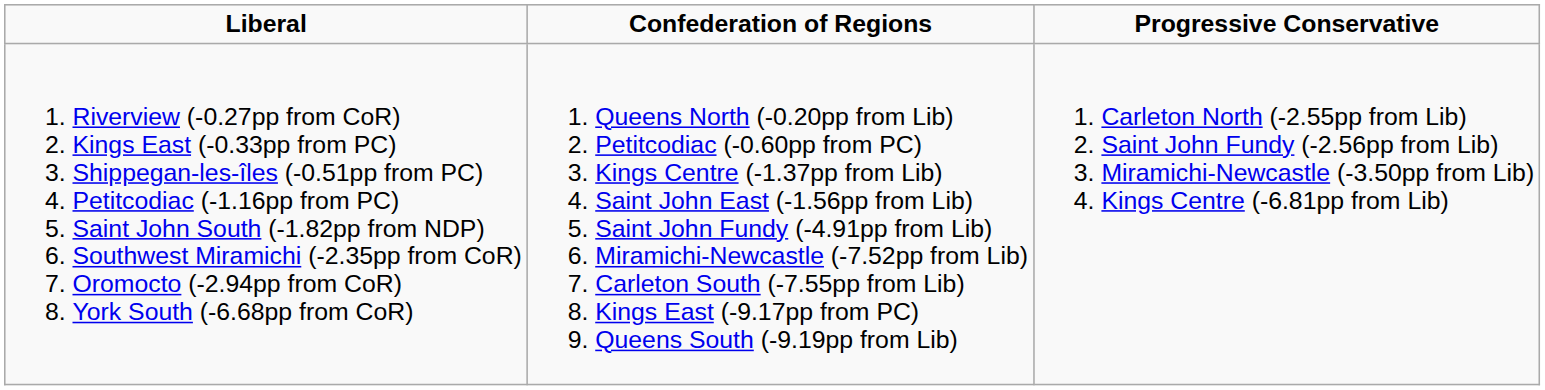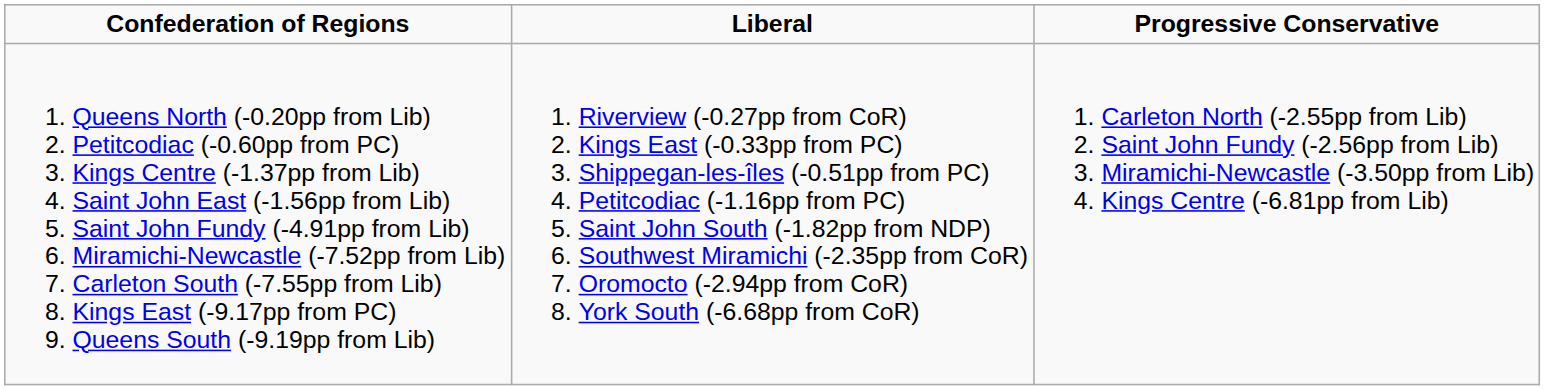 <table class="wikitable">
 <tr>
+<td align=center ><strong>Confederation of Regions</strong></td>
 <td align=center ><strong>Liberal</strong></td>
-<td align=center ><strong>Confederation of Regions</strong></td>
 <td align=center ><strong>Progressive Conservative</strong></td>
 </tr>
 <tr valign="top">
+<td><br><ol><li><a href='#'>Queens North</a> (-0.20pp from Lib)</li><li><a href='#'>Petitcodiac</a> (-0.60pp from PC)</li><li><a href='#'>Kings Centre</a> (-1.37pp from Lib)</li><li><a href='#'>Saint John East</a> (-1.56pp from Lib)</li><li><a href='#'>Saint John Fundy</a> (-4.91pp from Lib)</li><li><a href='#'>Miramichi-Newcastle</a> (-7.52pp from Lib)</li><li><a href='#'>Carleton South</a> (-7.55pp from Lib)</li><li><a href='#'>Kings East</a> (-9.17pp from PC)</li><li><a href='#'>Queens South</a> (-9.19pp from Lib)</li></ol></td>
 <td><br><ol><li><a href='#'>Riverview</a> (-0.27pp from CoR)</li><li><a href='#'>Kings East</a> (-0.33pp from PC)</li><li><a href='#'>Shippegan-les-îles</a> (-0.51pp from PC)</li><li><a href='#'>Petitcodiac</a> (-1.16pp from PC)</li><li><a href='#'>Saint John South</a> (-1.82pp from NDP)</li><li><a href='#'>Southwest Miramichi</a> (-2.35pp from CoR)</li><li><a href='#'>Oromocto</a> (-2.94pp from CoR)</li><li><a href='#'>York South</a> (-6.68pp from CoR)</li></ol></td>
-<td><br><ol><li><a href='#'>Queens North</a> (-0.20pp from Lib)</li><li><a href='#'>Petitcodiac</a> (-0.60pp from PC)</li><li><a href='#'>Kings Centre</a> (-1.37pp from Lib)</li><li><a href='#'>Saint John East</a> (-1.56pp from Lib)</li><li><a href='#'>Saint John Fundy</a> (-4.91pp from Lib)</li><li><a href='#'>Miramichi-Newcastle</a> (-7.52pp from Lib)</li><li><a href='#'>Carleton South</a> (-7.55pp from Lib)</li><li><a href='#'>Kings East</a> (-9.17pp from PC)</li><li><a href='#'>Queens South</a> (-9.19pp from Lib)</li></ol></td>
 <td><br><ol><li><a href='#'>Carleton North</a> (-2.55pp from Lib)</li><li><a href='#'>Saint John Fundy</a> (-2.56pp from Lib)</li><li><a href='#'>Miramichi-Newcastle</a> (-3.50pp from Lib)</li><li><a href='#'>Kings Centre</a> (-6.81pp from Lib)</li></ol></td>
 </tr>
 </table>
